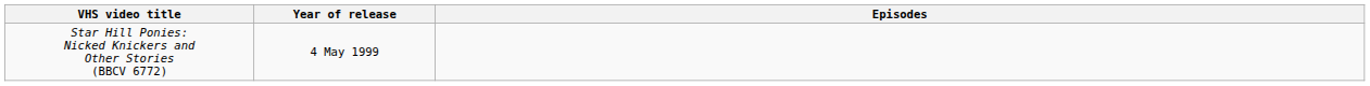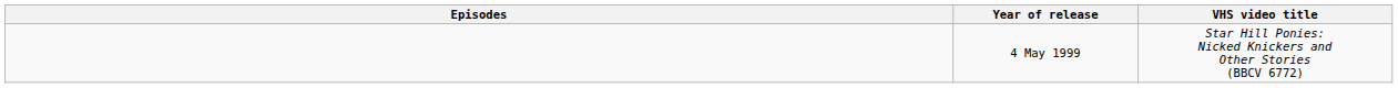 <table class="wikitable">
 <tr>
+<th style="width:41%;">Episodes</th>
+<th style="width:8%;">Year of release</th>
 <th style="width:11%;">VHS video title</th>
-<th style="width:8%;">Year of release</th>
-<th style="width:41%;">Episodes</th>
 </tr>
 <tr>
+<td align="center"></td>
+<td align="center">4 May 1999</td>
 <td align="center"><em>Star Hill Ponies:<br>Nicked Knickers and<br>Other Stories</em><br>(BBCV 6772)</td>
-<td align="center">4 May 1999</td>
-<td align="center"></td>
 </tr>
 </table>
